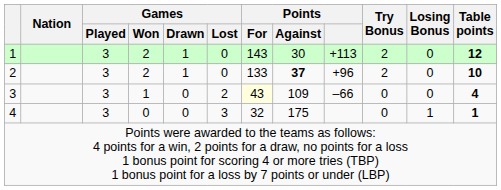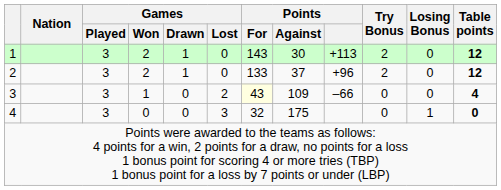 <table class="wikitable" style="width:50%;">
 <tr>
 <th rowspan="2" style="width:5%;"></th>
 <th rowspan="2" style="width:20%;">Nation</th>
 <th colspan="4" style="width:32%;">Games</th>
 <th colspan="3" style="width:18%;">Points</th>
 <th rowspan="2" style="width:8%;">Try<br>Bonus</th>
 <th rowspan="2" style="width:8%;">Losing<br>Bonus</th>
 <th rowspan="2" style="width:10%;">Table<br>points</th>
 </tr>
 <tr>
 <th style="width:8%;">Played</th>
 <th style="width:8%;">Won</th>
 <th style="width:8%;">Drawn</th>
 <th style="width:8%;">Lost</th>
 <th style="width:8%;">For</th>
 <th style="width:8%;">Against</th>
 <th style="width:10%;"></th>
 </tr>
 <tr align="center" bgcolor="#ccffcc">
 <td>1</td>
 <td align="left"></td>
 <td>3</td>
 <td>2</td>
 <td>1</td>
 <td>0</td>
 <td>143</td>
 <td>30</td>
 <td>+113</td>
 <td>2</td>
 <td>0</td>
 <td><strong>12</strong></td>
 </tr>
 <tr align="center">
 <td>2</td>
 <td align="left"></td>
 <td>3</td>
 <td>2</td>
 <td>1</td>
 <td>0</td>
 <td>133</td>
-<td><strong>37</strong></td>
+<td>37</td>
 <td>+96</td>
 <td>2</td>
 <td>0</td>
-<td><strong>10</strong></td>
+<td><strong>12</strong></td>
 </tr>
 <tr align="center">
 <td>3</td>
 <td align="left"></td>
 <td>3</td>
 <td>1</td>
 <td>0</td>
 <td>2</td>
 <td style="background: lightyellow;">43</td>
 <td>109</td>
 <td>–66</td>
 <td>0</td>
 <td>0</td>
 <td><strong>4</strong></td>
 </tr>
 <tr align="center">
 <td>4</td>
 <td align="left"></td>
 <td>3</td>
 <td>0</td>
 <td>0</td>
 <td>3</td>
 <td>32</td>
 <td>175</td>
 <td></td>
 <td>0</td>
 <td>1</td>
-<td><strong>1</strong></td>
+<td><strong>0</strong></td>
 </tr>
 <tr>
 <td colspan="100%" style="text-align:center">Points were awarded to the teams as follows:<br>4 points for a win, 2 points for a draw, no points for a loss<br>1 bonus point for scoring 4 or more tries (TBP)<br>1 bonus point for a loss by 7 points or under (LBP)</td>
 </tr>
 </table>
